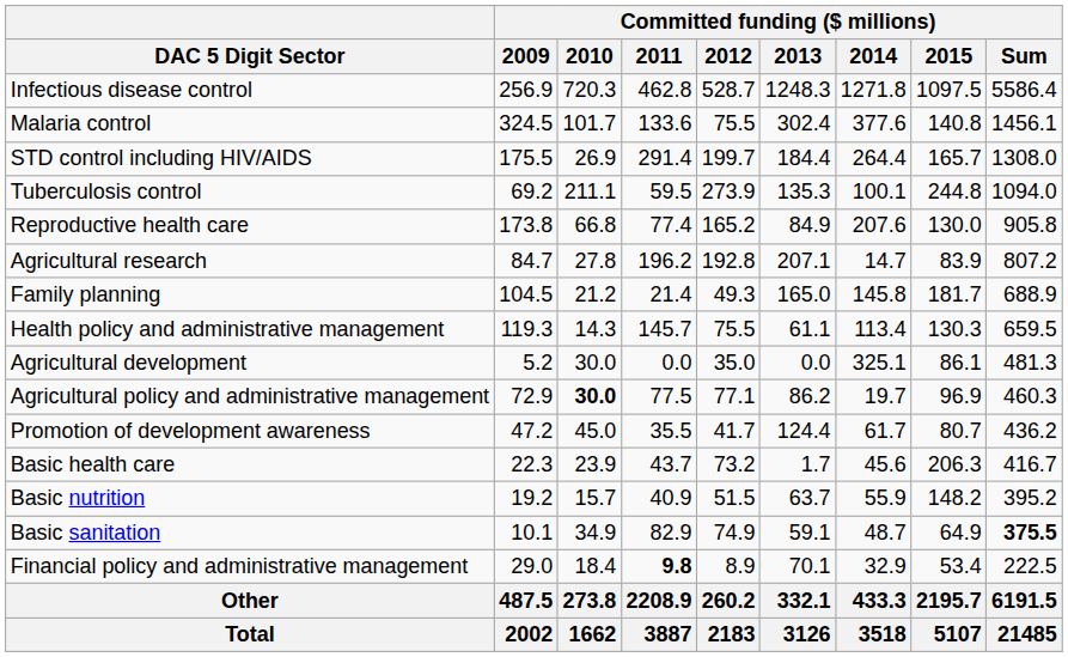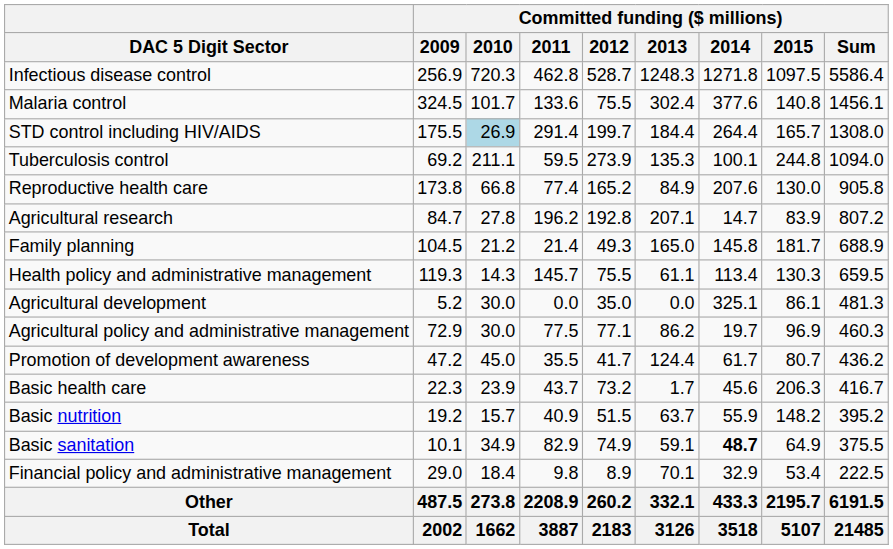 <table class="sortable wikitable">
 <tr>
 <th></th>
 <th colspan="8">Committed funding ($ millions)</th>
 </tr>
 <tr>
 <th>DAC 5 Digit Sector</th>
 <th>2009</th>
 <th>2010</th>
 <th>2011</th>
 <th>2012</th>
 <th>2013</th>
 <th>2014</th>
 <th>2015</th>
 <th>Sum</th>
 </tr>
 <tr>
 <td>Infectious disease control</td>
 <td style="text-align:right;">256.9</td>
 <td style="text-align:right;">720.3</td>
 <td style="text-align:right;">462.8</td>
 <td style="text-align:right;">528.7</td>
 <td style="text-align:right;">1248.3</td>
 <td style="text-align:right;">1271.8</td>
 <td style="text-align:right;">1097.5</td>
 <td style="text-align:right;">5586.4</td>
 </tr>
 <tr>
 <td>Malaria control</td>
 <td style="text-align:right;">324.5</td>
 <td style="text-align:right;">101.7</td>
 <td style="text-align:right;">133.6</td>
 <td style="text-align:right;">75.5</td>
 <td style="text-align:right;">302.4</td>
 <td style="text-align:right;">377.6</td>
 <td style="text-align:right;">140.8</td>
 <td style="text-align:right;">1456.1</td>
 </tr>
 <tr>
 <td>STD control including HIV/AIDS</td>
 <td style="text-align:right;">175.5</td>
-<td style="text-align:right;">26.9</td>
+<td style="background: lightblue; text-align:right;">26.9</td>
 <td style="text-align:right;">291.4</td>
 <td style="text-align:right;">199.7</td>
 <td style="text-align:right;">184.4</td>
 <td style="text-align:right;">264.4</td>
 <td style="text-align:right;">165.7</td>
 <td style="text-align:right;">1308.0</td>
 </tr>
 <tr>
 <td>Tuberculosis control</td>
 <td style="text-align:right;">69.2</td>
 <td style="text-align:right;">211.1</td>
 <td style="text-align:right;">59.5</td>
 <td style="text-align:right;">273.9</td>
 <td style="text-align:right;">135.3</td>
 <td style="text-align:right;">100.1</td>
 <td style="text-align:right;">244.8</td>
 <td style="text-align:right;">1094.0</td>
 </tr>
 <tr>
 <td>Reproductive health care</td>
 <td style="text-align:right;">173.8</td>
 <td style="text-align:right;">66.8</td>
 <td style="text-align:right;">77.4</td>
 <td style="text-align:right;">165.2</td>
 <td style="text-align:right;">84.9</td>
 <td style="text-align:right;">207.6</td>
 <td style="text-align:right;">130.0</td>
 <td style="text-align:right;">905.8</td>
 </tr>
 <tr>
 <td>Agricultural research</td>
 <td style="text-align:right;">84.7</td>
 <td style="text-align:right;">27.8</td>
 <td style="text-align:right;">196.2</td>
 <td style="text-align:right;">192.8</td>
 <td style="text-align:right;">207.1</td>
 <td style="text-align:right;">14.7</td>
 <td style="text-align:right;">83.9</td>
 <td style="text-align:right;">807.2</td>
 </tr>
 <tr>
 <td>Family planning</td>
 <td style="text-align:right;">104.5</td>
 <td style="text-align:right;">21.2</td>
 <td style="text-align:right;">21.4</td>
 <td style="text-align:right;">49.3</td>
 <td style="text-align:right;">165.0</td>
 <td style="text-align:right;">145.8</td>
 <td style="text-align:right;">181.7</td>
 <td style="text-align:right;">688.9</td>
 </tr>
 <tr>
 <td>Health policy and administrative management</td>
 <td style="text-align:right;">119.3</td>
 <td style="text-align:right;">14.3</td>
 <td style="text-align:right;">145.7</td>
 <td style="text-align:right;">75.5</td>
 <td style="text-align:right;">61.1</td>
 <td style="text-align:right;">113.4</td>
 <td style="text-align:right;">130.3</td>
 <td style="text-align:right;">659.5</td>
 </tr>
 <tr>
 <td>Agricultural development</td>
 <td style="text-align:right;">5.2</td>
 <td style="text-align:right;">30.0</td>
 <td style="text-align:right;">0.0</td>
 <td style="text-align:right;">35.0</td>
 <td style="text-align:right;">0.0</td>
 <td style="text-align:right;">325.1</td>
 <td style="text-align:right;">86.1</td>
 <td style="text-align:right;">481.3</td>
 </tr>
 <tr>
 <td>Agricultural policy and administrative management</td>
 <td style="text-align:right;">72.9</td>
-<td style="text-align:right;"><strong>30.0</strong></td>
+<td style="text-align:right;">30.0</td>
 <td style="text-align:right;">77.5</td>
 <td style="text-align:right;">77.1</td>
 <td style="text-align:right;">86.2</td>
 <td style="text-align:right;">19.7</td>
 <td style="text-align:right;">96.9</td>
 <td style="text-align:right;">460.3</td>
 </tr>
 <tr>
 <td>Promotion of development awareness</td>
 <td style="text-align:right;">47.2</td>
 <td style="text-align:right;">45.0</td>
 <td style="text-align:right;">35.5</td>
 <td style="text-align:right;">41.7</td>
 <td style="text-align:right;">124.4</td>
 <td style="text-align:right;">61.7</td>
 <td style="text-align:right;">80.7</td>
 <td style="text-align:right;">436.2</td>
 </tr>
 <tr>
 <td>Basic health care</td>
 <td style="text-align:right;">22.3</td>
 <td style="text-align:right;">23.9</td>
 <td style="text-align:right;">43.7</td>
 <td style="text-align:right;">73.2</td>
 <td style="text-align:right;">1.7</td>
 <td style="text-align:right;">45.6</td>
 <td style="text-align:right;">206.3</td>
 <td style="text-align:right;">416.7</td>
 </tr>
 <tr>
 <td>Basic <a href='#'>nutrition</a></td>
 <td style="text-align:right;">19.2</td>
 <td style="text-align:right;">15.7</td>
 <td style="text-align:right;">40.9</td>
 <td style="text-align:right;">51.5</td>
 <td style="text-align:right;">63.7</td>
 <td style="text-align:right;">55.9</td>
 <td style="text-align:right;">148.2</td>
 <td style="text-align:right;">395.2</td>
 </tr>
 <tr>
 <td>Basic <a href='#'>sanitation</a></td>
 <td style="text-align:right;">10.1</td>
 <td style="text-align:right;">34.9</td>
 <td style="text-align:right;">82.9</td>
 <td style="text-align:right;">74.9</td>
 <td style="text-align:right;">59.1</td>
-<td style="text-align:right;">48.7</td>
+<td style="text-align:right;"><strong>48.7</strong></td>
 <td style="text-align:right;">64.9</td>
-<td style="text-align:right;"><strong>375.5</strong></td>
+<td style="text-align:right;">375.5</td>
 </tr>
 <tr>
 <td>Financial policy and administrative management</td>
 <td style="text-align:right;">29.0</td>
 <td style="text-align:right;">18.4</td>
-<td style="text-align:right;"><strong>9.8</strong></td>
+<td style="text-align:right;">9.8</td>
 <td style="text-align:right;">8.9</td>
 <td style="text-align:right;">70.1</td>
 <td style="text-align:right;">32.9</td>
 <td style="text-align:right;">53.4</td>
 <td style="text-align:right;">222.5</td>
 </tr>
 <tr>
 <th>Other</th>
 <th style="text-align:right;">487.5</th>
 <th style="text-align:right;">273.8</th>
 <th style="text-align:right;">2208.9</th>
 <th style="text-align:right;">260.2</th>
 <th style="text-align:right;">332.1</th>
 <th style="text-align:right;">433.3</th>
 <th style="text-align:right;">2195.7</th>
 <th style="text-align:right;">6191.5</th>
 </tr>
 <tr>
 <th>Total</th>
 <th style="text-align:right;">2002</th>
 <th style="text-align:right;">1662</th>
 <th style="text-align:right;">3887</th>
 <th style="text-align:right;">2183</th>
 <th style="text-align:right;">3126</th>
 <th style="text-align:right;">3518</th>
 <th style="text-align:right;">5107</th>
 <th style="text-align:right;">21485</th>
 </tr>
 </table>
